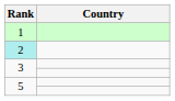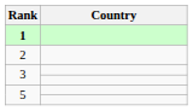 <table class=wikitable style="text-align:center;">
 <tr>
 <th>Rank</th>
 <th width=180>Country</th>
 </tr>
 <tr bgcolor=ccffcc>
-<td>1</td>
+<td><strong>1</strong></td>
 <td align=left></td>
 </tr>
 <tr>
-<td style="background: paleturquoise;">2</td>
+<td>2</td>
 <td align=left></td>
 </tr>
 <tr>
 <td rowspan=2>3</td>
 <td align=left></td>
 </tr>
 <tr>
 <td align=left></td>
 </tr>
 <tr>
 <td rowspan=2>5</td>
 <td align=left></td>
 </tr>
 <tr>
 <td align=left></td>
 </tr>
 </table>
